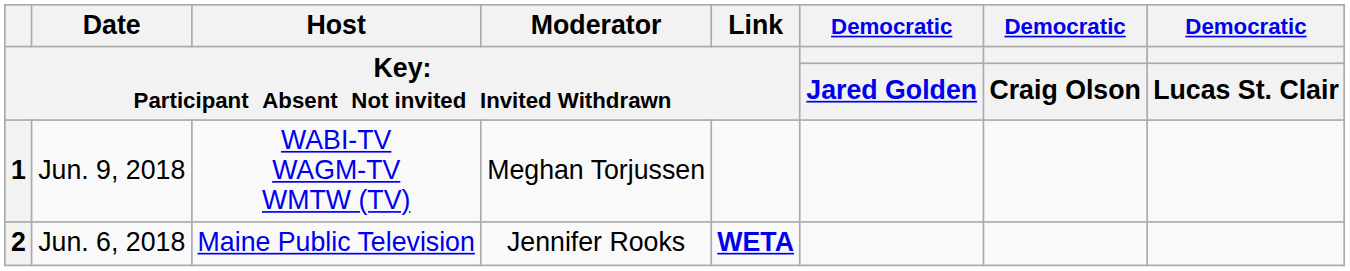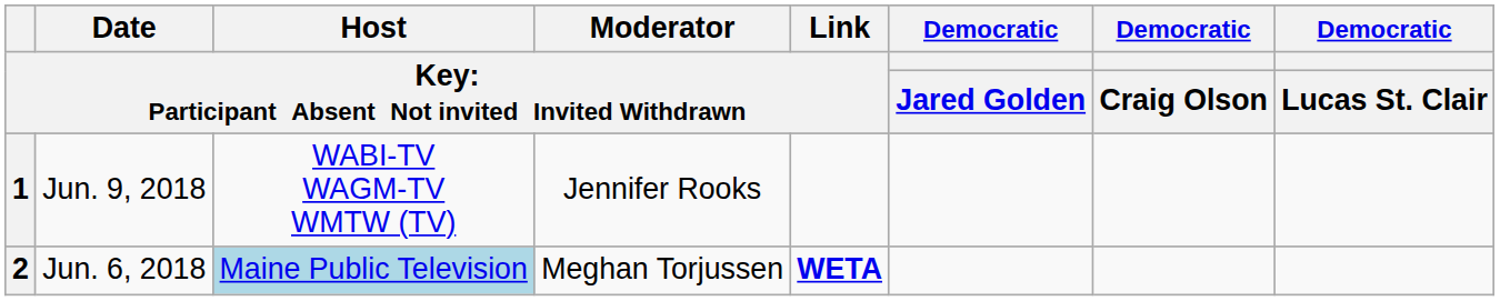 <table class="wikitable" style="text-align:center;">
 <tr>
 <th scope="col"></th>
 <th scope="col">Date</th>
 <th scope="col">Host</th>
 <th scope="col">Moderator</th>
 <th scope="col">Link</th>
 <th scope="col"><small><a href='#'>Democratic</a></small></th>
 <th scope="col"><small><a href='#'>Democratic</a></small></th>
 <th scope="col"><small><a href='#'>Democratic</a></small></th>
 </tr>
 <tr>
 <th colspan="5" rowspan="2">Key:<br> <small>Participant </small>  <small>Absent </small>  <small>Not invited </small>  <small>Invited  Withdrawn</small></th>
 <th scope="col" style="background:"></th>
 <th scope="col" style="background:"></th>
 <th scope="col" style="background:"></th>
 </tr>
 <tr>
 <th scope="col"><a href='#'>Jared Golden</a></th>
 <th scope="col">Craig Olson</th>
 <th scope="col">Lucas St. Clair</th>
 </tr>
 <tr>
 <th>1</th>
 <td style="white-space:nowrap;">Jun. 9, 2018</td>
 <td style="white-space:nowrap;"><a href='#'>WABI-TV</a><br><a href='#'>WAGM-TV</a><br><a href='#'>WMTW (TV)</a></td>
-<td style="white-space:nowrap;">Meghan Torjussen</td>
+<td style="white-space:nowrap;">Jennifer Rooks</td>
 <td style="white-space:nowrap;"></td>
 <td></td>
 <td></td>
 <td></td>
 </tr>
 <tr>
 <th>2</th>
 <td style="white-space:nowrap;">Jun. 6, 2018</td>
-<td style="white-space:nowrap;"><a href='#'>Maine Public Television</a></td>
-<td style="white-space:nowrap;">Jennifer Rooks</td>
+<td style="background: lightblue; white-space:nowrap;"><a href='#'>Maine Public Television</a></td>
+<td style="white-space:nowrap;">Meghan Torjussen</td>
 <td style="white-space:nowrap;"><strong><a href='#'>WETA</a></strong></td>
 <td></td>
 <td></td>
 <td></td>
 </tr>
 </table>
